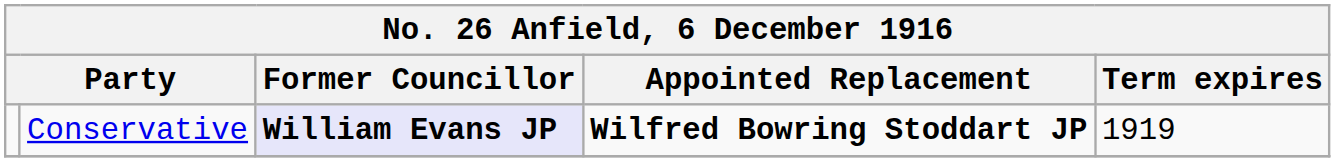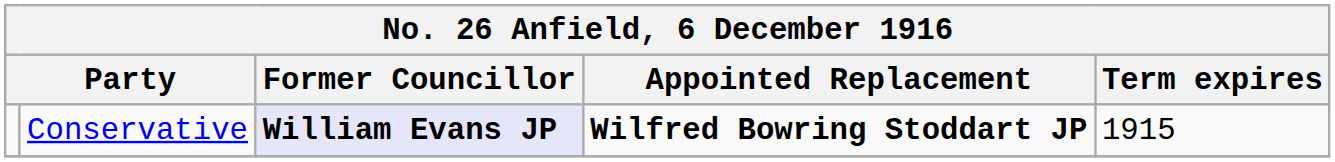 <table class="wikitable">
 <tr>
 <th colspan="5"><strong>No. 26 Anfield, 6 December 1916</strong></th>
 </tr>
 <tr>
 <th colspan="2">Party</th>
 <th>Former Councillor</th>
 <th>Appointed Replacement</th>
 <th>Term expires</th>
 </tr>
 <tr>
 <td style="background-color:"></td>
 <td><a href='#'>Conservative</a></td>
 <td style="background: lavender;"><strong>William Evans JP</strong></td>
 <td><strong>Wilfred Bowring Stoddart JP</strong></td>
-<td>1919</td>
+<td>1915</td>
 </tr>
 <tr>
 </tr>
 </table>
